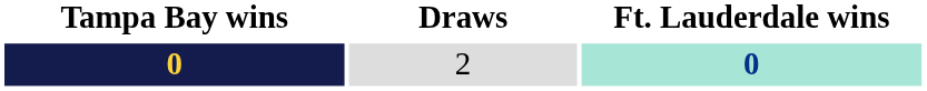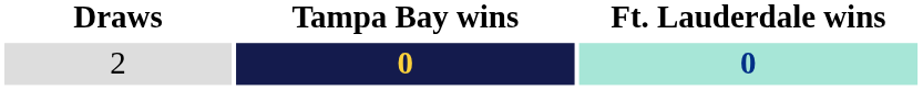 <table class class="wikitable" style="font-size:90%; text-align:center">
 <tr>
+<th width=100>Draws</th>
 <th width=150>Tampa Bay wins</th>
-<th width=100>Draws</th>
 <th width=150>Ft. Lauderdale wins</th>
 </tr>
 <tr>
+<td style="background:#ddd;color:black;">2</td>
 <td style="text-align:center; background:#141B4D;color:#FBD13B;"><strong>0</strong></td>
-<td style="background:#ddd;color:black;">2</td>
 <td style="text-align:center; background:#A7E6D7;color:#003087;"><strong>0</strong></td>
 </tr>
 </table>
